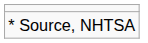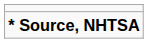 <table class="wikitable floatright">
 <tr>
 <td></td>
 </tr>
 <tr>
-<td>* Source, NHTSA</td>
+<td><strong>* Source, NHTSA</strong></td>
 </tr>
 </table>
